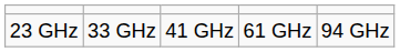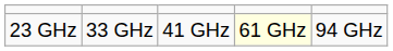 <table class="wikitable">
 <tr>
 <td></td>
 <td></td>
 <td></td>
 <td></td>
 <td></td>
 </tr>
 <tr>
 <td>23 GHz</td>
 <td>33 GHz</td>
 <td>41 GHz</td>
-<td>61 GHz</td>
+<td style="background: lightyellow;">61 GHz</td>
 <td>94 GHz</td>
 </tr>
 </table>
